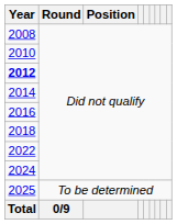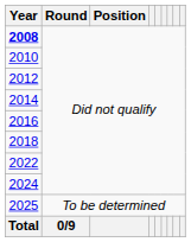 <table class="wikitable" style="text-align: center;">
 <tr>
 <th>Year</th>
 <th>Round</th>
 <th>Position</th>
 <th></th>
 <th></th>
 <th></th>
 <th></th>
 <th></th>
 <th></th>
 </tr>
 <tr>
-<td> <a href='#'>2008</a></td>
+<td><strong> <a href='#'>2008</a></strong></td>
 <td rowspan=8 colspan=8><em>Did not qualify</em></td>
 </tr>
 <tr>
 <td> <a href='#'>2010</a></td>
 </tr>
 <tr>
-<td><strong> <a href='#'>2012</a></strong></td>
+<td> <a href='#'>2012</a></td>
 </tr>
 <tr>
 <td> <a href='#'>2014</a></td>
 </tr>
 <tr>
 <td> <a href='#'>2016</a></td>
 </tr>
 <tr>
 <td> <a href='#'>2018</a></td>
 </tr>
 <tr>
 <td> <a href='#'>2022</a></td>
 </tr>
 <tr>
 <td> <a href='#'>2024</a></td>
 </tr>
 <tr>
 <td> <a href='#'>2025</a></td>
 <td colspan=8><em>To be determined</em></td>
 </tr>
 <tr>
 <th>Total</th>
 <th>0/9</th>
 <th></th>
 <th></th>
 <th></th>
 <th></th>
 <th></th>
 <th></th>
 <th></th>
 </tr>
 </table>
